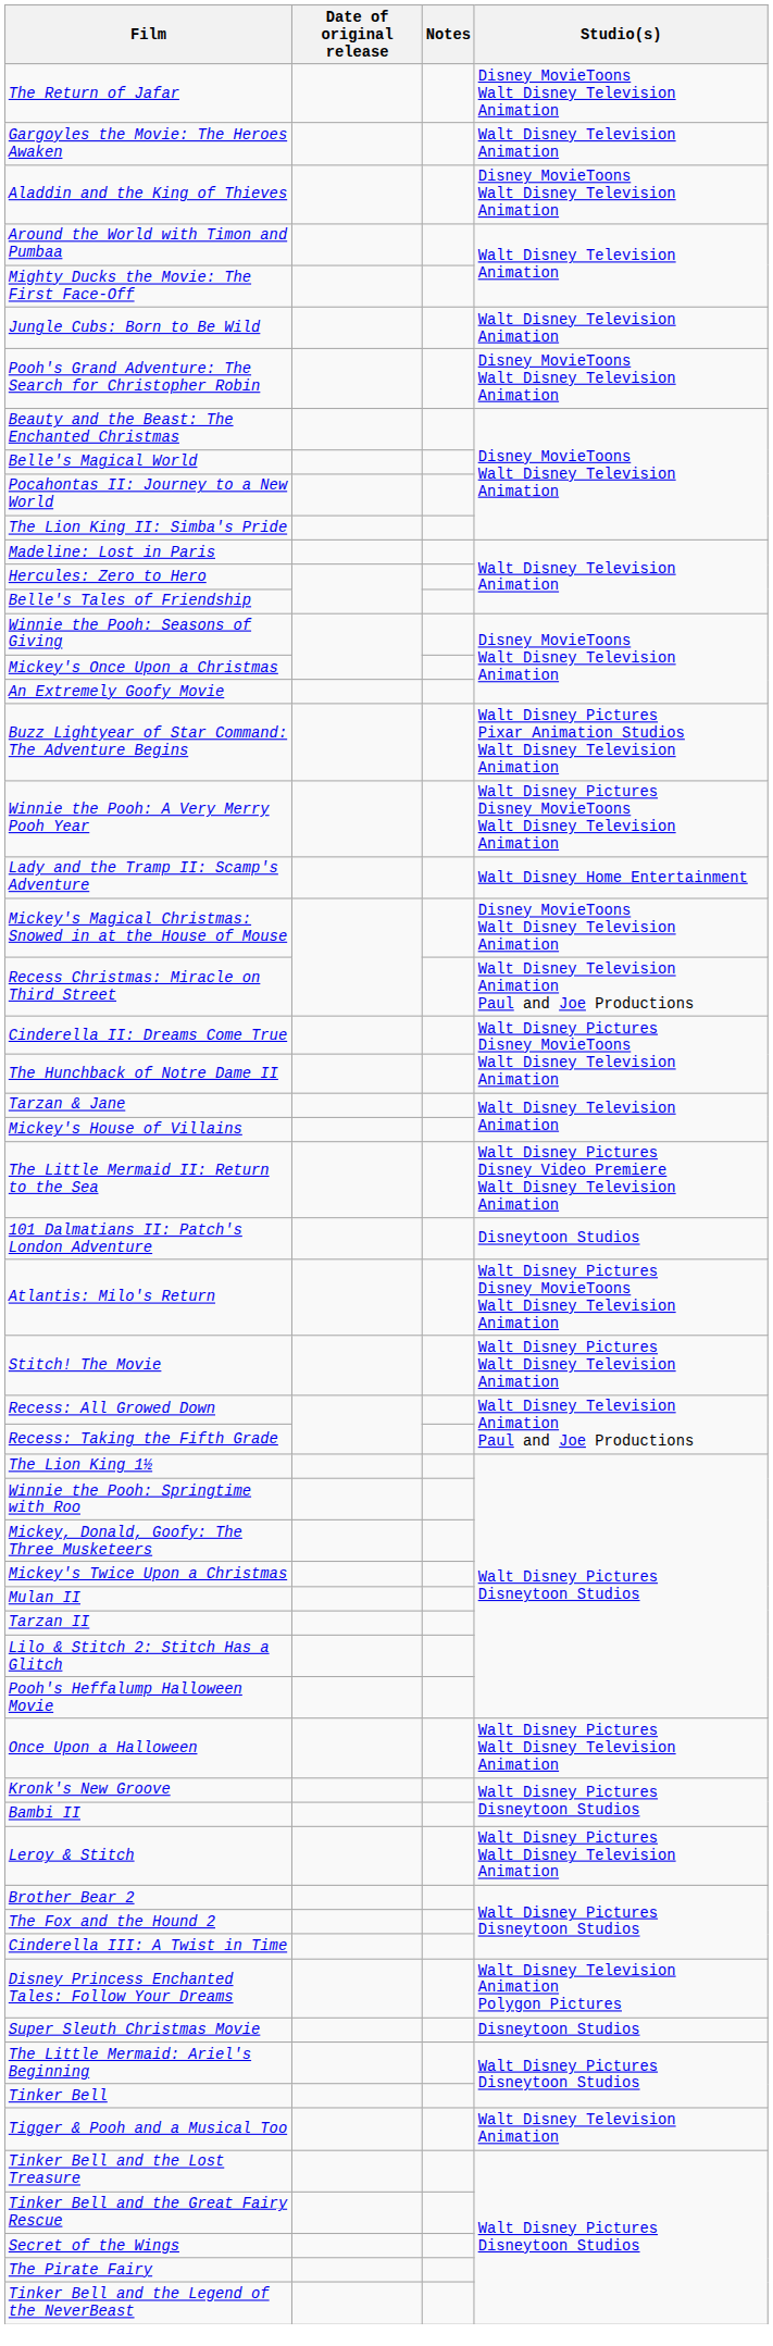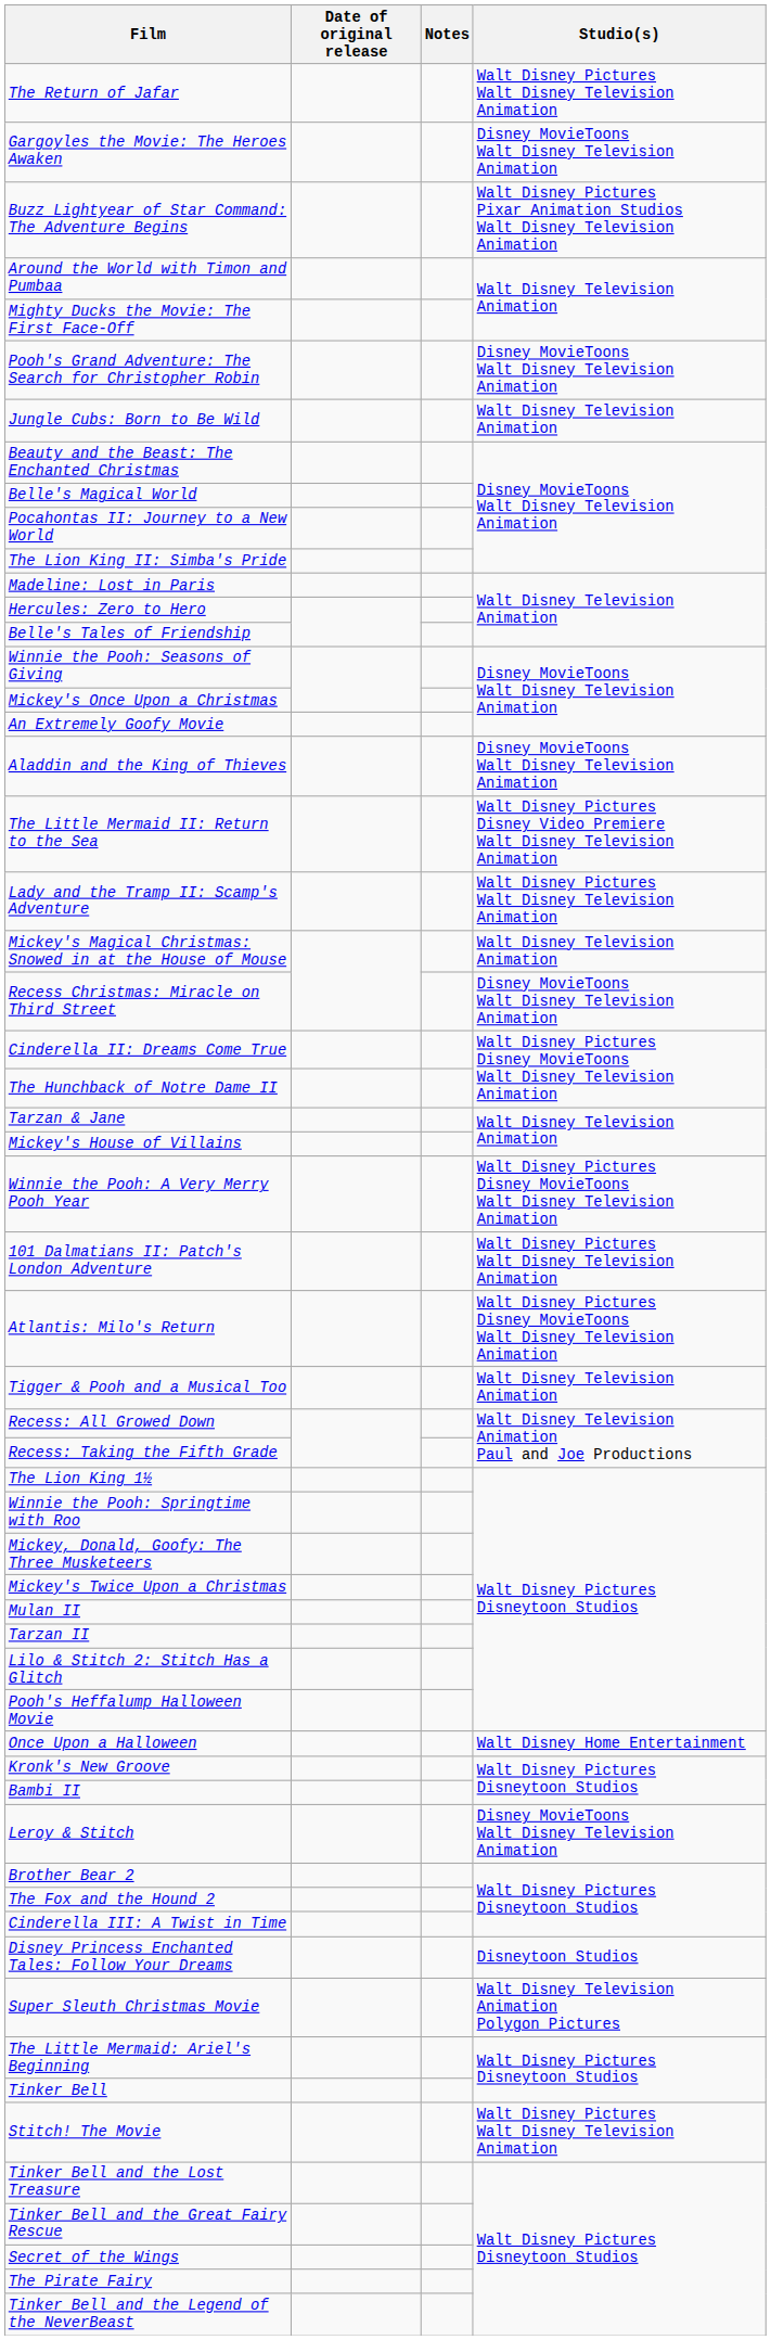 <table class="wikitable" style="width:51em">
 <tr>
 <th style="width:25em">Film</th>
 <th style="width:10em">Date of original release</th>
 <th style="width:3em">Notes</th>
 <th style="width:25em">Studio(s)</th>
 </tr>
 <tr>
 <td><em><a href='#'>The Return of Jafar</a></em></td>
 <td></td>
 <td></td>
-<td><a href='#'>Disney MovieToons</a><br><a href='#'>Walt Disney Television Animation</a></td>
+<td><a href='#'>Walt Disney Pictures</a><br><a href='#'>Walt Disney Television Animation</a></td>
 </tr>
 <tr>
 <td><em><a href='#'>Gargoyles the Movie: The Heroes Awaken</a></em></td>
 <td></td>
 <td></td>
-<td><a href='#'>Walt Disney Television Animation</a></td>
+<td><a href='#'>Disney MovieToons</a><br><a href='#'>Walt Disney Television Animation</a></td>
 </tr>
 <tr>
-<td><em><a href='#'>Aladdin and the King of Thieves</a></em></td>
+<td><em><a href='#'>Buzz Lightyear of Star Command: The Adventure Begins</a></em></td>
 <td></td>
 <td></td>
-<td><a href='#'>Disney MovieToons</a><br><a href='#'>Walt Disney Television Animation</a></td>
+<td><a href='#'>Walt Disney Pictures</a><br><a href='#'>Pixar Animation Studios</a><br><a href='#'>Walt Disney Television Animation</a></td>
 </tr>
 <tr>
 <td><em><a href='#'>Around the World with Timon and Pumbaa</a></em></td>
 <td></td>
 <td></td>
 <td rowspan="2"><a href='#'>Walt Disney Television Animation</a></td>
 </tr>
 <tr>
 <td><em><a href='#'>Mighty Ducks the Movie: The First Face-Off</a></em></td>
 <td></td>
 <td></td>
 </tr>
 <tr>
+<td><em><a href='#'>Pooh's Grand Adventure: The Search for Christopher Robin</a></em></td>
+<td></td>
+<td></td>
+<td><a href='#'>Disney MovieToons</a><br><a href='#'>Walt Disney Television Animation</a></td>
+</tr>
+<tr>
 <td><em><a href='#'>Jungle Cubs: Born to Be Wild</a></em></td>
 <td></td>
 <td></td>
 <td><a href='#'>Walt Disney Television Animation</a></td>
-</tr>
-<tr>
-<td><em><a href='#'>Pooh's Grand Adventure: The Search for Christopher Robin</a></em></td>
-<td></td>
-<td></td>
-<td><a href='#'>Disney MovieToons</a><br><a href='#'>Walt Disney Television Animation</a></td>
 </tr>
 <tr>
 <td><em><a href='#'>Beauty and the Beast: The Enchanted Christmas</a></em></td>
 <td></td>
 <td></td>
 <td rowspan="4"><a href='#'>Disney MovieToons</a><br><a href='#'>Walt Disney Television Animation</a></td>
 </tr>
 <tr>
 <td><em><a href='#'>Belle's Magical World</a></em></td>
 <td></td>
 <td></td>
 </tr>
 <tr>
 <td><em><a href='#'>Pocahontas II: Journey to a New World</a></em></td>
 <td></td>
 <td></td>
 </tr>
 <tr>
 <td><em><a href='#'>The Lion King II: Simba's Pride</a></em></td>
 <td></td>
 <td></td>
 </tr>
 <tr>
 <td><em><a href='#'>Madeline: Lost in Paris</a></em></td>
 <td></td>
 <td></td>
 <td rowspan="3"><a href='#'>Walt Disney Television Animation</a></td>
 </tr>
 <tr>
 <td><em><a href='#'>Hercules: Zero to Hero</a></em></td>
 <td rowspan="2"></td>
 <td></td>
 </tr>
 <tr>
 <td><em><a href='#'>Belle's Tales of Friendship</a></em></td>
 <td></td>
 </tr>
 <tr>
 <td><em><a href='#'>Winnie the Pooh: Seasons of Giving</a></em></td>
 <td rowspan="2"></td>
 <td></td>
 <td rowspan="3"><a href='#'>Disney MovieToons</a><br><a href='#'>Walt Disney Television Animation</a></td>
 </tr>
 <tr>
 <td><em><a href='#'>Mickey's Once Upon a Christmas</a></em></td>
 <td></td>
 </tr>
 <tr>
 <td><em><a href='#'>An Extremely Goofy Movie</a></em></td>
 <td></td>
 <td></td>
 </tr>
 <tr>
-<td><em><a href='#'>Buzz Lightyear of Star Command: The Adventure Begins</a></em></td>
+<td><em><a href='#'>Aladdin and the King of Thieves</a></em></td>
 <td></td>
 <td></td>
-<td><a href='#'>Walt Disney Pictures</a><br><a href='#'>Pixar Animation Studios</a><br><a href='#'>Walt Disney Television Animation</a></td>
+<td><a href='#'>Disney MovieToons</a><br><a href='#'>Walt Disney Television Animation</a></td>
 </tr>
 <tr>
-<td><em><a href='#'>Winnie the Pooh: A Very Merry Pooh Year</a></em></td>
+<td><em><a href='#'>The Little Mermaid II: Return to the Sea</a></em></td>
 <td></td>
 <td></td>
-<td><a href='#'>Walt Disney Pictures</a><br><a href='#'>Disney MovieToons</a><br><a href='#'>Walt Disney Television Animation</a></td>
+<td><a href='#'>Walt Disney Pictures</a><br><a href='#'>Disney Video Premiere</a><br><a href='#'>Walt Disney Television Animation</a></td>
 </tr>
 <tr>
 <td><em><a href='#'>Lady and the Tramp II: Scamp's Adventure</a></em></td>
 <td></td>
 <td></td>
-<td><a href='#'>Walt Disney Home Entertainment</a></td>
+<td><a href='#'>Walt Disney Pictures</a><br><a href='#'>Walt Disney Television Animation</a></td>
 </tr>
 <tr>
 <td><em><a href='#'>Mickey's Magical Christmas: Snowed in at the House of Mouse</a></em></td>
 <td rowspan="2"></td>
 <td></td>
-<td><a href='#'>Disney MovieToons</a><br><a href='#'>Walt Disney Television Animation</a></td>
+<td><a href='#'>Walt Disney Television Animation</a></td>
 </tr>
 <tr>
 <td><em><a href='#'>Recess Christmas: Miracle on Third Street</a></em></td>
 <td></td>
-<td><a href='#'>Walt Disney Television Animation</a><br><a href='#'>Paul</a> and <a href='#'>Joe</a> Productions</td>
+<td><a href='#'>Disney MovieToons</a><br><a href='#'>Walt Disney Television Animation</a></td>
 </tr>
 <tr>
 <td><em><a href='#'>Cinderella II: Dreams Come True</a></em></td>
 <td></td>
 <td></td>
 <td rowspan="2"><a href='#'>Walt Disney Pictures</a><br><a href='#'>Disney MovieToons</a><br><a href='#'>Walt Disney Television Animation</a></td>
 </tr>
 <tr>
 <td><em><a href='#'>The Hunchback of Notre Dame II</a></em></td>
 <td></td>
 </tr>
 <tr>
 <td><em><a href='#'>Tarzan & Jane</a></em></td>
 <td></td>
 <td></td>
 <td rowspan="2"><a href='#'>Walt Disney Television Animation</a></td>
 </tr>
 <tr>
 <td><em><a href='#'>Mickey's House of Villains</a></em></td>
 <td></td>
 <td></td>
 </tr>
 <tr>
-<td><em><a href='#'>The Little Mermaid II: Return to the Sea</a></em></td>
+<td><em><a href='#'>Winnie the Pooh: A Very Merry Pooh Year</a></em></td>
 <td></td>
 <td></td>
-<td><a href='#'>Walt Disney Pictures</a><br><a href='#'>Disney Video Premiere</a><br><a href='#'>Walt Disney Television Animation</a></td>
+<td><a href='#'>Walt Disney Pictures</a><br><a href='#'>Disney MovieToons</a><br><a href='#'>Walt Disney Television Animation</a></td>
 </tr>
 <tr>
 <td><em><a href='#'>101 Dalmatians II: Patch's London Adventure</a></em></td>
 <td></td>
 <td></td>
-<td><a href='#'>Disneytoon Studios</a></td>
+<td><a href='#'>Walt Disney Pictures</a><br><a href='#'>Walt Disney Television Animation</a></td>
 </tr>
 <tr>
 <td><em><a href='#'>Atlantis: Milo's Return</a></em></td>
 <td></td>
 <td></td>
 <td><a href='#'>Walt Disney Pictures</a><br><a href='#'>Disney MovieToons</a><br><a href='#'>Walt Disney Television Animation</a></td>
 </tr>
 <tr>
-<td><em><a href='#'>Stitch! The Movie</a></em></td>
+<td><em><a href='#'>Tigger & Pooh and a Musical Too</a></em></td>
 <td></td>
 <td></td>
-<td><a href='#'>Walt Disney Pictures</a><br><a href='#'>Walt Disney Television Animation</a></td>
+<td><a href='#'>Walt Disney Television Animation</a></td>
 </tr>
 <tr>
 <td><em><a href='#'>Recess: All Growed Down</a></em></td>
 <td rowspan="2"></td>
 <td></td>
 <td rowspan="2"><a href='#'>Walt Disney Television Animation</a><br><a href='#'>Paul</a> and <a href='#'>Joe</a> Productions</td>
 </tr>
 <tr>
 <td><em><a href='#'>Recess: Taking the Fifth Grade</a></em></td>
 <td></td>
 </tr>
 <tr>
 <td><em><a href='#'>The Lion King 1½</a></em></td>
 <td></td>
 <td></td>
 <td rowspan="8"><a href='#'>Walt Disney Pictures</a><br><a href='#'>Disneytoon Studios</a></td>
 </tr>
 <tr>
 <td><em><a href='#'>Winnie the Pooh: Springtime with Roo</a></em></td>
 <td></td>
 <td></td>
 </tr>
 <tr>
 <td><em><a href='#'>Mickey, Donald, Goofy: The Three Musketeers</a></em></td>
 <td></td>
 <td></td>
 </tr>
 <tr>
 <td><em><a href='#'>Mickey's Twice Upon a Christmas</a></em></td>
 <td></td>
 <td></td>
 </tr>
 <tr>
 <td><em><a href='#'>Mulan II</a></em></td>
 <td></td>
 <td></td>
 </tr>
 <tr>
 <td><em><a href='#'>Tarzan II</a></em></td>
 <td></td>
 <td></td>
 </tr>
 <tr>
 <td><em><a href='#'>Lilo & Stitch 2: Stitch Has a Glitch</a></em></td>
 <td></td>
 <td></td>
 </tr>
 <tr>
 <td><em><a href='#'>Pooh's Heffalump Halloween Movie</a></em></td>
 <td></td>
 <td></td>
 </tr>
 <tr>
 <td><em><a href='#'>Once Upon a Halloween</a></em></td>
 <td></td>
 <td></td>
-<td><a href='#'>Walt Disney Pictures</a><br><a href='#'>Walt Disney Television Animation</a></td>
+<td><a href='#'>Walt Disney Home Entertainment</a></td>
 </tr>
 <tr>
 <td><em><a href='#'>Kronk's New Groove</a></em></td>
 <td></td>
 <td></td>
 <td rowspan="2"><a href='#'>Walt Disney Pictures</a><br><a href='#'>Disneytoon Studios</a></td>
 </tr>
 <tr>
 <td><em><a href='#'>Bambi II</a></em></td>
 <td></td>
 <td></td>
 </tr>
 <tr>
 <td><em><a href='#'>Leroy & Stitch</a></em></td>
 <td></td>
 <td></td>
-<td><a href='#'>Walt Disney Pictures</a><br><a href='#'>Walt Disney Television Animation</a></td>
+<td><a href='#'>Disney MovieToons</a><br><a href='#'>Walt Disney Television Animation</a></td>
 </tr>
 <tr>
 <td><em><a href='#'>Brother Bear 2</a></em></td>
 <td></td>
 <td></td>
 <td rowspan="3"><a href='#'>Walt Disney Pictures</a><br><a href='#'>Disneytoon Studios</a></td>
 </tr>
 <tr>
 <td><em><a href='#'>The Fox and the Hound 2</a></em></td>
 <td></td>
 <td></td>
 </tr>
 <tr>
 <td><em><a href='#'>Cinderella III: A Twist in Time</a></em></td>
 <td></td>
 <td></td>
 </tr>
 <tr>
 <td><em><a href='#'>Disney Princess Enchanted Tales: Follow Your Dreams</a></em></td>
 <td></td>
 <td></td>
-<td><a href='#'>Walt Disney Television Animation</a><br><a href='#'>Polygon Pictures</a></td>
+<td><a href='#'>Disneytoon Studios</a></td>
 </tr>
 <tr>
 <td><em><a href='#'>Super Sleuth Christmas Movie</a></em></td>
 <td></td>
 <td></td>
-<td><a href='#'>Disneytoon Studios</a></td>
+<td><a href='#'>Walt Disney Television Animation</a><br><a href='#'>Polygon Pictures</a></td>
 </tr>
 <tr>
 <td><em><a href='#'>The Little Mermaid: Ariel's Beginning</a></em></td>
 <td></td>
 <td></td>
 <td rowspan="2"><a href='#'>Walt Disney Pictures</a><br><a href='#'>Disneytoon Studios</a></td>
 </tr>
 <tr>
 <td><em><a href='#'>Tinker Bell</a></em></td>
 <td></td>
 <td></td>
 </tr>
 <tr>
-<td><em><a href='#'>Tigger & Pooh and a Musical Too</a></em></td>
+<td><em><a href='#'>Stitch! The Movie</a></em></td>
 <td></td>
 <td></td>
-<td><a href='#'>Walt Disney Television Animation</a></td>
+<td><a href='#'>Walt Disney Pictures</a><br><a href='#'>Walt Disney Television Animation</a></td>
 </tr>
 <tr>
 <td><em><a href='#'>Tinker Bell and the Lost Treasure</a></em></td>
 <td></td>
 <td></td>
 <td rowspan="5"><a href='#'>Walt Disney Pictures</a><br><a href='#'>Disneytoon Studios</a></td>
 </tr>
 <tr>
 <td><em><a href='#'>Tinker Bell and the Great Fairy Rescue</a></em></td>
 <td></td>
 <td></td>
 </tr>
 <tr>
 <td><em><a href='#'>Secret of the Wings</a></em></td>
 <td></td>
 <td></td>
 </tr>
 <tr>
 <td><em><a href='#'>The Pirate Fairy</a></em></td>
 <td></td>
 <td></td>
 </tr>
 <tr>
 <td><em><a href='#'>Tinker Bell and the Legend of the NeverBeast</a></em></td>
 <td></td>
 <td></td>
 </tr>
 </table>
